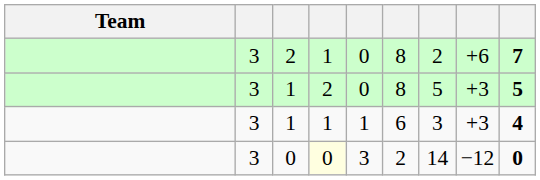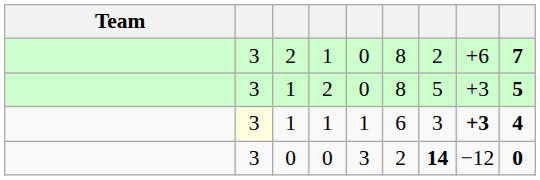 <table class="wikitable" style="text-align: center;">
 <tr>
 <th width="165">Team</th>
 <th width="20"></th>
 <th width="20"></th>
 <th width="20"></th>
 <th width="20"></th>
 <th width="20"></th>
 <th width="20"></th>
 <th width="20"></th>
 <th width="20"></th>
 </tr>
 <tr bgcolor=ccffcc>
 <td align=left></td>
 <td>3</td>
 <td>2</td>
 <td>1</td>
 <td>0</td>
 <td>8</td>
 <td>2</td>
 <td>+6</td>
 <td><strong>7</strong></td>
 </tr>
 <tr bgcolor=ccffcc>
 <td align=left></td>
 <td>3</td>
 <td>1</td>
 <td>2</td>
 <td>0</td>
 <td>8</td>
 <td>5</td>
 <td>+3</td>
 <td><strong>5</strong></td>
 </tr>
 <tr>
 <td align=left></td>
-<td>3</td>
+<td style="background: lightyellow;">3</td>
 <td>1</td>
 <td>1</td>
 <td>1</td>
 <td>6</td>
 <td>3</td>
-<td>+3</td>
+<td><strong>+3</strong></td>
 <td><strong>4</strong></td>
 </tr>
 <tr>
 <td align=left></td>
 <td>3</td>
 <td>0</td>
-<td style="background: lightyellow;">0</td>
+<td>0</td>
 <td>3</td>
 <td>2</td>
-<td>14</td>
+<td><strong>14</strong></td>
 <td>−12</td>
 <td><strong>0</strong></td>
 </tr>
 </table>
